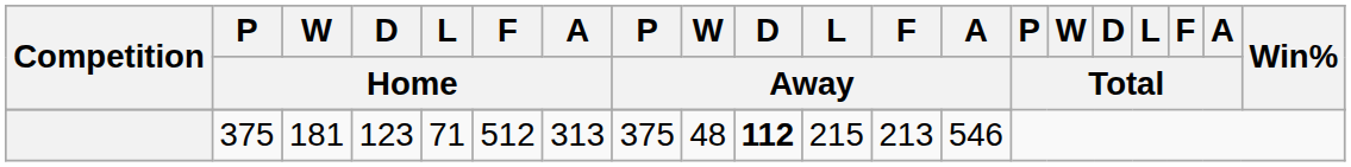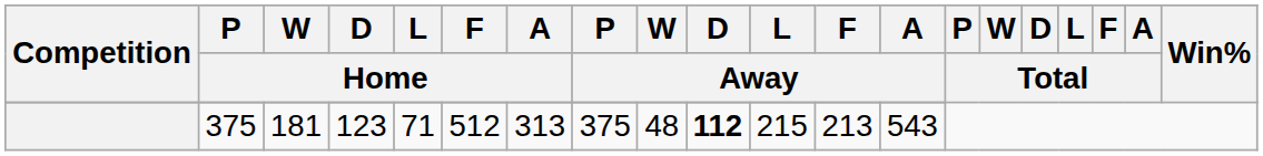 <table class="wikitable plainrowheaders sortable" style="text-align:center">
 <tr>
 <th scope="col" rowspan="2">Competition</th>
 <th scope=col>P</th>
 <th scope=col>W</th>
 <th scope=col>D</th>
 <th scope=col>L</th>
 <th scope=col>F</th>
 <th scope=col>A</th>
 <th scope=col>P</th>
 <th scope=col>W</th>
 <th scope=col>D</th>
 <th scope=col>L</th>
 <th scope=col>F</th>
 <th scope=col>A</th>
 <th scope=col>P</th>
 <th scope=col>W</th>
 <th scope=col>D</th>
 <th scope=col>L</th>
 <th scope=col>F</th>
 <th scope=col>A</th>
 <th scope=col rowspan=2>Win%</th>
 </tr>
 <tr class="unsortable">
 <th colspan=6>Home</th>
 <th colspan=6>Away</th>
 <th colspan=6>Total</th>
 </tr>
 <tr>
 </tr>
 <tr>
 <th scope="row" align=left></th>
 <td>375</td>
 <td>181</td>
 <td>123</td>
 <td>71</td>
 <td>512</td>
 <td>313</td>
 <td>375</td>
 <td>48</td>
 <td><strong>112</strong></td>
 <td>215</td>
 <td>213</td>
-<td>546<br></td>
+<td>543<br></td>
 </tr>
 </table>
